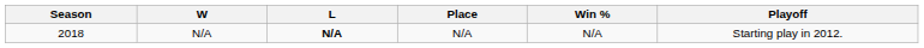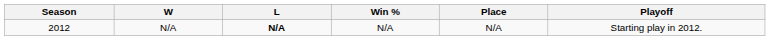 <table class="wikitable">
 <tr>
 <th bgcolor="#DDDDFF" width="5%">Season</th>
 <th bgcolor="#DDDDFF" width="5%">W</th>
 <th bgcolor="#DDDDFF" width="5%">L</th>
+<th bgcolor="#DDDDFF" width="5%">Win %</th>
 <th bgcolor="#DDDDFF" width="5%">Place</th>
-<th bgcolor="#DDDDFF" width="5%">Win %</th>
 <th bgcolor="#DDDDFF" width="10%">Playoff</th>
 </tr>
 <tr align=center>
-<td>2018</td>
+<td>2012</td>
 <td>N/A</td>
 <td><strong>N/A</strong></td>
 <td>N/A</td>
 <td>N/A</td>
 <td>Starting play in 2012.</td>
 </tr>
 </table>
